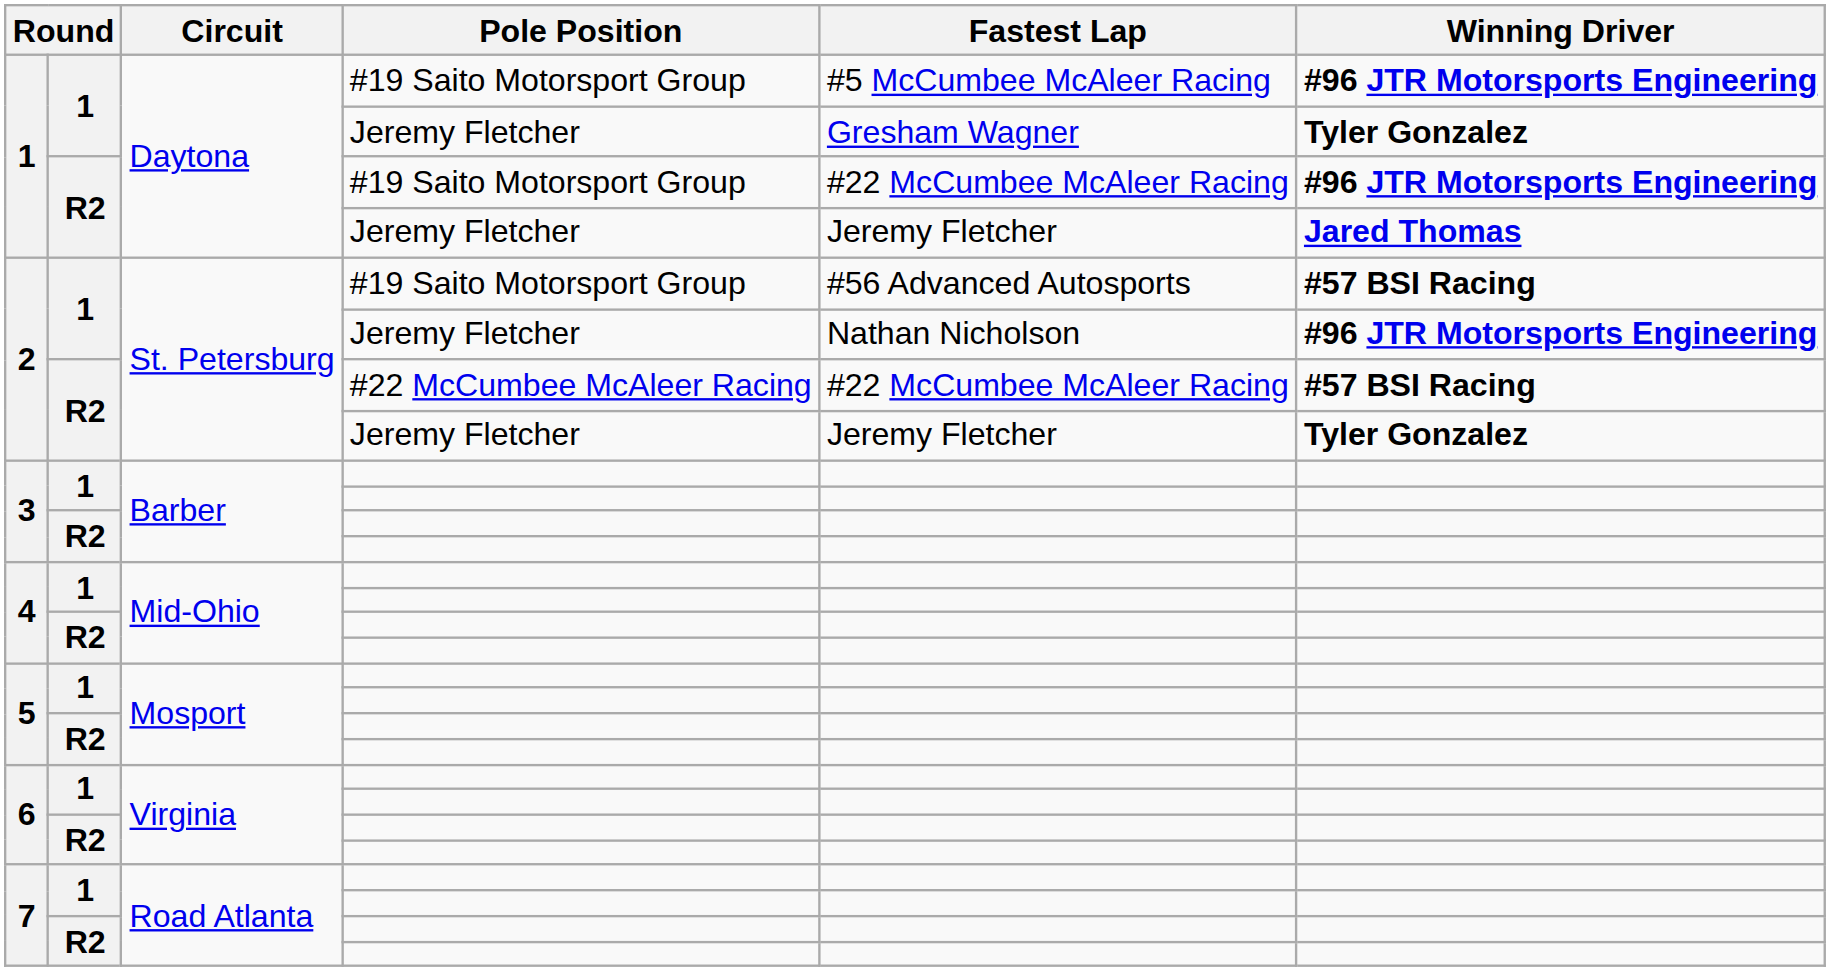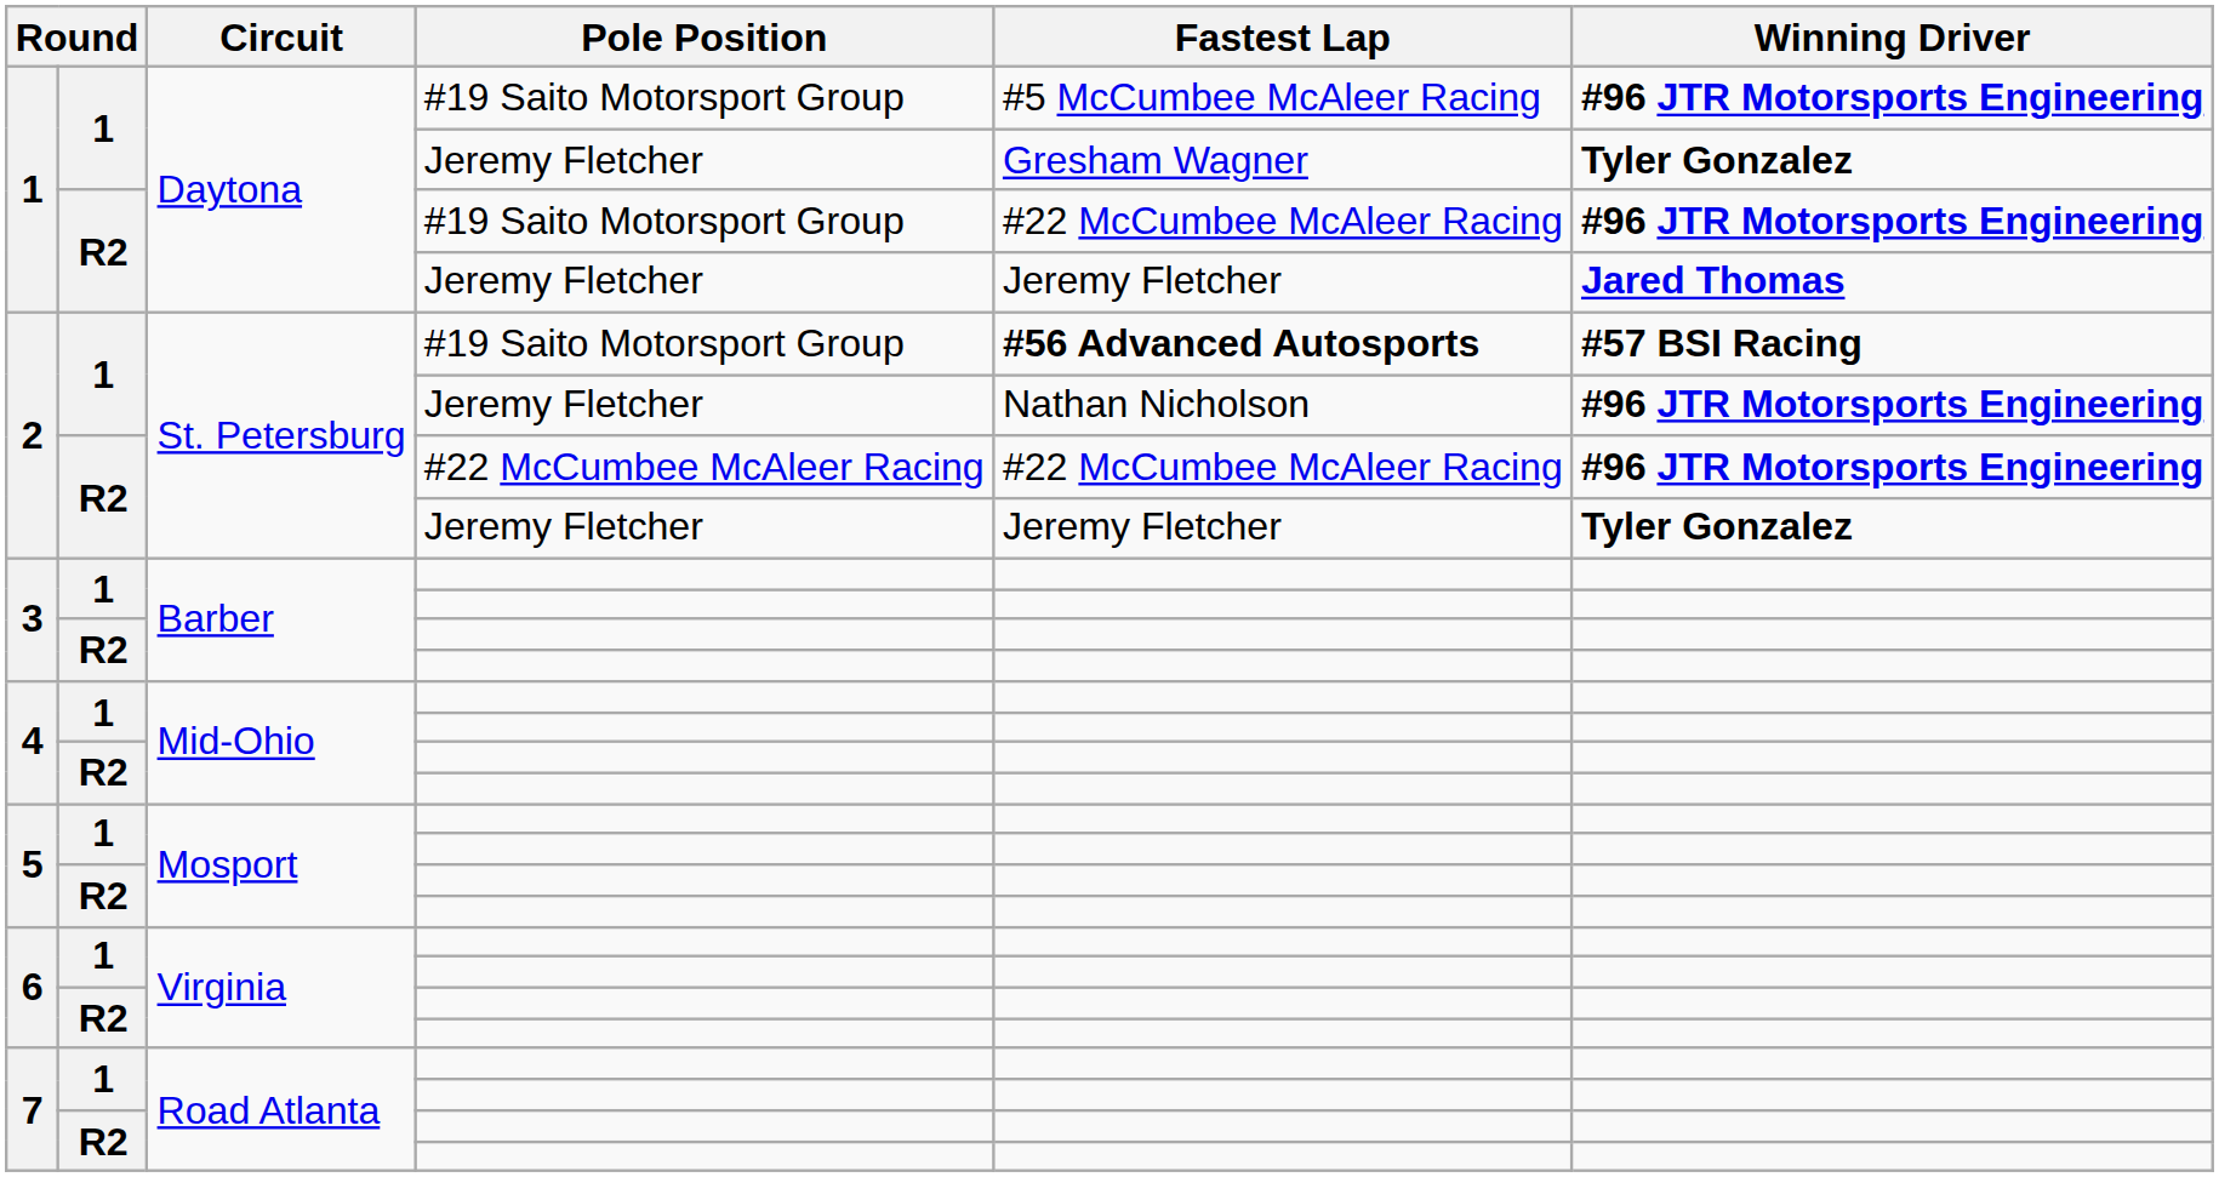 <table class="wikitable" style="font-size:85%;">
 <tr>
 <th colspan=2>Round</th>
 <th>Circuit</th>
 <th>Pole Position</th>
 <th>Fastest Lap</th>
 <th>Winning Driver</th>
 </tr>
 <tr>
 <th rowspan=4>1</th>
 <th rowspan=2>1</th>
 <td rowspan=4><a href='#'>Daytona</a></td>
 <td> #19 Saito Motorsport Group</td>
 <td> #5 <a href='#'>McCumbee McAleer Racing</a></td>
 <td><strong> #96 <a href='#'>JTR Motorsports Engineering</a></strong></td>
 </tr>
 <tr>
 <td> Jeremy Fletcher</td>
 <td> <a href='#'>Gresham Wagner</a></td>
 <td><strong> Tyler Gonzalez</strong></td>
 </tr>
 <tr>
 <th rowspan=2>R2</th>
 <td> #19 Saito Motorsport Group</td>
 <td> #22 <a href='#'>McCumbee McAleer Racing</a></td>
 <td><strong> #96 <a href='#'>JTR Motorsports Engineering</a></strong></td>
 </tr>
 <tr>
 <td> Jeremy Fletcher</td>
 <td> Jeremy Fletcher</td>
 <td><strong> <a href='#'>Jared Thomas</a></strong></td>
 </tr>
 <tr>
 <th rowspan=4>2</th>
 <th rowspan=2>1</th>
 <td rowspan=4><a href='#'>St. Petersburg</a></td>
 <td> #19 Saito Motorsport Group</td>
-<td> #56 Advanced Autosports</td>
+<td><strong> #56 Advanced Autosports</strong></td>
 <td><strong> #57 BSI Racing</strong></td>
 </tr>
 <tr>
 <td> Jeremy Fletcher</td>
 <td> Nathan Nicholson</td>
 <td><strong> #96 <a href='#'>JTR Motorsports Engineering</a></strong></td>
 </tr>
 <tr>
 <th rowspan=2>R2</th>
 <td> #22 <a href='#'>McCumbee McAleer Racing</a></td>
 <td> #22 <a href='#'>McCumbee McAleer Racing</a></td>
-<td><strong> #57 BSI Racing</strong></td>
+<td><strong> #96 <a href='#'>JTR Motorsports Engineering</a></strong></td>
 </tr>
 <tr>
 <td> Jeremy Fletcher</td>
 <td> Jeremy Fletcher</td>
 <td><strong> Tyler Gonzalez</strong></td>
 </tr>
 <tr>
 <th rowspan=4>3</th>
 <th rowspan=2>1</th>
 <td rowspan=4><a href='#'>Barber</a></td>
 <td></td>
 <td></td>
 <td></td>
 </tr>
 <tr>
 <td></td>
 <td></td>
 <td></td>
 </tr>
 <tr>
 <th rowspan=2>R2</th>
 <td></td>
 <td></td>
 <td></td>
 </tr>
 <tr>
 <td></td>
 <td></td>
 <td></td>
 </tr>
 <tr>
 <th rowspan=4>4</th>
 <th rowspan=2>1</th>
 <td rowspan=4><a href='#'>Mid-Ohio</a></td>
 <td></td>
 <td></td>
 <td></td>
 </tr>
 <tr>
 <td></td>
 <td></td>
 <td></td>
 </tr>
 <tr>
 <th rowspan=2>R2</th>
 <td></td>
 <td></td>
 <td></td>
 </tr>
 <tr>
 <td></td>
 <td></td>
 <td></td>
 </tr>
 <tr>
 <th rowspan=4>5</th>
 <th rowspan=2>1</th>
 <td rowspan=4><a href='#'>Mosport</a></td>
 <td></td>
 <td></td>
 <td></td>
 </tr>
 <tr>
 <td></td>
 <td></td>
 <td></td>
 </tr>
 <tr>
 <th rowspan=2>R2</th>
 <td></td>
 <td></td>
 <td></td>
 </tr>
 <tr>
 <td></td>
 <td></td>
 <td></td>
 </tr>
 <tr>
 <th rowspan=4>6</th>
 <th rowspan=2>1</th>
 <td rowspan=4><a href='#'>Virginia</a></td>
 <td></td>
 <td></td>
 <td></td>
 </tr>
 <tr>
 <td></td>
 <td></td>
 <td></td>
 </tr>
 <tr>
 <th rowspan=2>R2</th>
 <td></td>
 <td></td>
 <td></td>
 </tr>
 <tr>
 <td></td>
 <td></td>
 <td></td>
 </tr>
 <tr>
 <th rowspan=4>7</th>
 <th rowspan=2>1</th>
 <td rowspan=4><a href='#'>Road Atlanta</a></td>
 <td></td>
 <td></td>
 <td></td>
 </tr>
 <tr>
 <td></td>
 <td></td>
 <td></td>
 </tr>
 <tr>
 <th rowspan=2>R2</th>
 <td></td>
 <td></td>
 <td></td>
 </tr>
 <tr>
 <td></td>
 <td></td>
 <td></td>
 </tr>
 </table>
